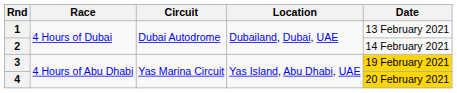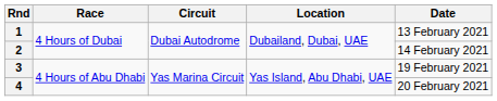 <table class="wikitable" style="font-size: 85%;">
 <tr>
 <th>Rnd</th>
 <th>Race</th>
 <th>Circuit</th>
 <th>Location</th>
 <th>Date</th>
 </tr>
 <tr>
 <th>1</th>
 <td rowspan="2"><a href='#'>4 Hours of Dubai</a></td>
 <td rowspan="2"> <a href='#'>Dubai Autodrome</a></td>
 <td rowspan="2"><a href='#'>Dubailand</a>, <a href='#'>Dubai</a>, <a href='#'>UAE</a></td>
 <td>13 February 2021</td>
 </tr>
 <tr>
 <th>2</th>
 <td>14 February 2021</td>
 </tr>
 <tr>
 <th>3</th>
 <td rowspan="2"><a href='#'>4 Hours of Abu Dhabi</a></td>
 <td rowspan="2"> <a href='#'>Yas Marina Circuit</a></td>
 <td rowspan="2"><a href='#'>Yas Island</a>, <a href='#'>Abu Dhabi</a>, <a href='#'>UAE</a></td>
-<td style="background: gold;">19 February 2021</td>
+<td>19 February 2021</td>
 </tr>
 <tr>
 <th>4</th>
-<td style="background: gold;">20 February 2021</td>
+<td>20 February 2021</td>
 </tr>
 </table>
